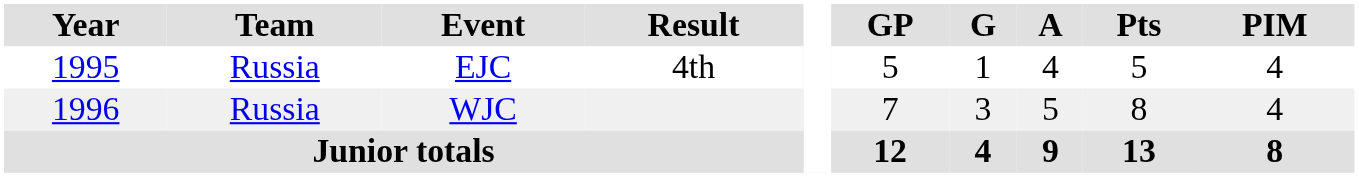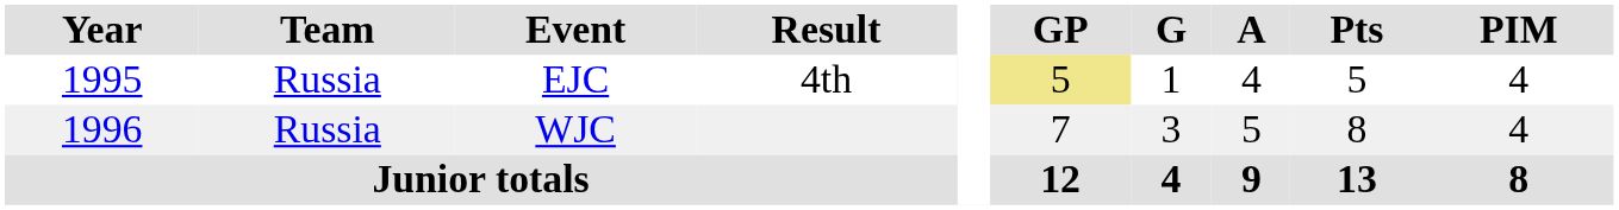 <table border="0" cellpadding="1" cellspacing="0" style="text-align:center; width:40em">
 <tr ALIGN="center" bgcolor="#e0e0e0">
 <th>Year</th>
 <th>Team</th>
 <th>Event</th>
 <th>Result</th>
 <th rowspan="99" bgcolor="#ffffff"> </th>
 <th>GP</th>
 <th>G</th>
 <th>A</th>
 <th>Pts</th>
 <th>PIM</th>
 </tr>
 <tr>
 <td><a href='#'>1995</a></td>
 <td><a href='#'>Russia</a></td>
 <td><a href='#'>EJC</a></td>
 <td>4th</td>
-<td>5</td>
+<td style="background: khaki;">5</td>
 <td>1</td>
 <td>4</td>
 <td>5</td>
 <td>4</td>
 </tr>
 <tr bgcolor="#f0f0f0">
 <td><a href='#'>1996</a></td>
 <td><a href='#'>Russia</a></td>
 <td><a href='#'>WJC</a></td>
 <td></td>
 <td>7</td>
 <td>3</td>
 <td>5</td>
 <td>8</td>
 <td>4</td>
 </tr>
 <tr bgcolor="#e0e0e0">
 <th colspan=4>Junior totals</th>
 <th>12</th>
 <th>4</th>
 <th>9</th>
 <th>13</th>
 <th>8</th>
 </tr>
 </table>
